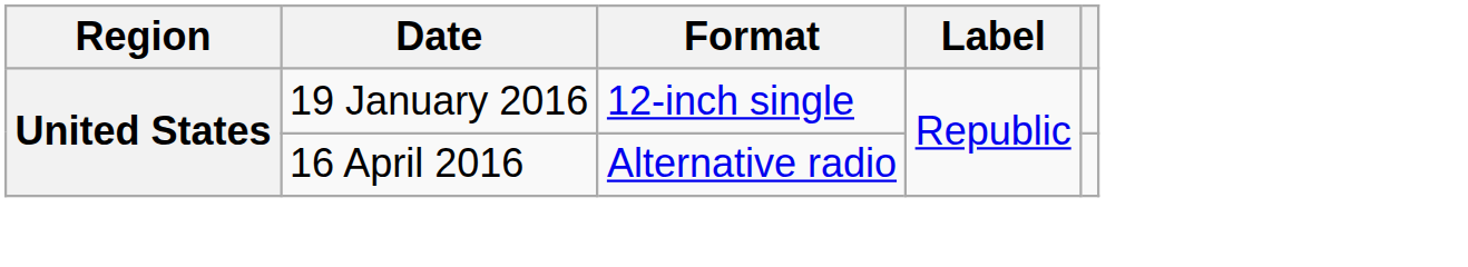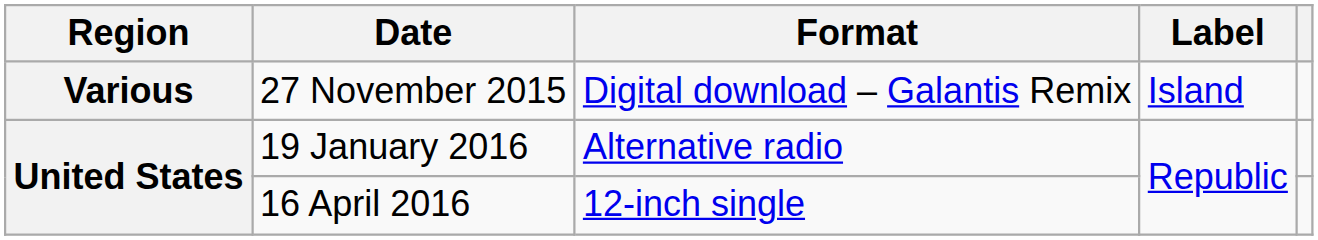 <table class="wikitable plainrowheaders">
 <tr>
 <th scope="col">Region</th>
 <th scope="col">Date</th>
 <th scope="col">Format</th>
 <th scope="col">Label</th>
 <th scope="col"></th>
 </tr>
 <tr>
+<th scope="row">Various</th>
+<td>27 November 2015</td>
+<td><a href='#'>Digital download</a> – <a href='#'>Galantis</a> Remix</td>
+<td><a href='#'>Island</a></td>
+<td align="center"></td>
+</tr>
+<tr>
 <th scope="row" rowspan="2">United States</th>
 <td>19 January 2016</td>
-<td><a href='#'>12-inch single</a></td>
+<td><a href='#'>Alternative radio</a></td>
 <td rowspan="2"><a href='#'>Republic</a></td>
 <td align="center"></td>
 </tr>
 <tr>
 <td>16 April 2016</td>
-<td><a href='#'>Alternative radio</a></td>
+<td><a href='#'>12-inch single</a></td>
 <td align="center"></td>
 </tr>
 </table>
